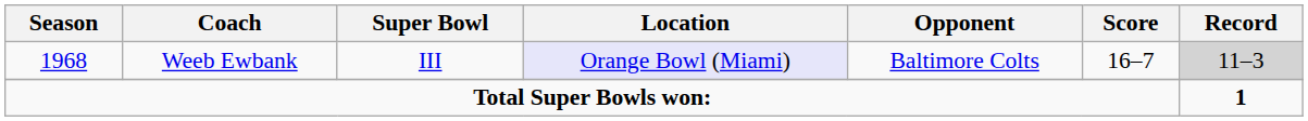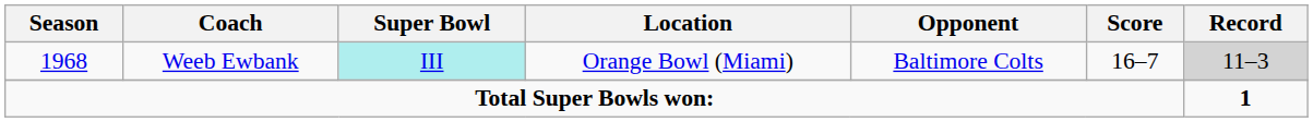 <table class="wikitable" style="width:70%;text-align:center">
 <tr>
 <th>Season</th>
 <th>Coach</th>
 <th>Super Bowl</th>
 <th>Location</th>
 <th>Opponent</th>
 <th>Score</th>
 <th>Record</th>
 </tr>
 <tr>
 <td><a href='#'>1968</a></td>
 <td><a href='#'>Weeb Ewbank</a></td>
-<td><a href='#'>III</a></td>
-<td style="background: lavender;"><a href='#'>Orange Bowl</a> (<a href='#'>Miami</a>)</td>
+<td style="background: paleturquoise;"><a href='#'>III</a></td>
+<td><a href='#'>Orange Bowl</a> (<a href='#'>Miami</a>)</td>
 <td><a href='#'>Baltimore Colts</a></td>
 <td>16–7</td>
 <td style="background: lightgrey;">11–3</td>
 </tr>
 <tr>
 </tr>
 <tr>
 <td colspan="6"><strong>Total Super Bowls won:</strong></td>
 <td><strong>1</strong></td>
 </tr>
 </table>
